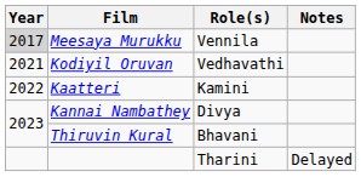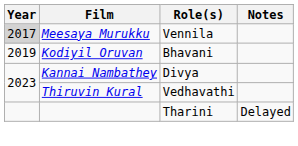 <table class="wikitable sortable">
 <tr>
 <th scope="col">Year</th>
 <th scope="col">Film</th>
 <th scope="col">Role(s)</th>
 <th class="unsortable" scope="col">Notes</th>
 </tr>
 <tr>
 <td style="background: lightgrey;">2017</td>
 <td><em><a href='#'>Meesaya Murukku</a></em></td>
 <td>Vennila</td>
 <td></td>
 </tr>
 <tr>
-<td>2021</td>
+<td>2019</td>
 <td><em><a href='#'>Kodiyil Oruvan</a></em></td>
-<td>Vedhavathi</td>
-<td></td>
-</tr>
-<tr>
-<td>2022</td>
-<td><em><a href='#'>Kaatteri</a></em></td>
-<td>Kamini</td>
+<td>Bhavani</td>
 <td></td>
 </tr>
 <tr>
 <td rowspan="2">2023</td>
 <td><em><a href='#'>Kannai Nambathey</a></em></td>
 <td>Divya</td>
 <td></td>
 </tr>
 <tr>
 <td><em><a href='#'>Thiruvin Kural</a></em></td>
-<td>Bhavani</td>
+<td>Vedhavathi</td>
 <td></td>
 </tr>
 <tr>
 <td></td>
 <td></td>
 <td>Tharini</td>
 <td>Delayed<br>   </td>
 </tr>
 </table>
